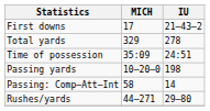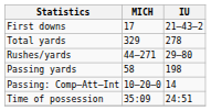 <table class="wikitable" style="float: left;">
 <tr>
 <th>Statistics</th>
 <th>MICH</th>
 <th>IU</th>
 </tr>
 <tr>
 <td>First downs</td>
 <td>17</td>
 <td>21–43–2</td>
 </tr>
 <tr>
 <td>Total yards</td>
 <td>329</td>
 <td>278</td>
 </tr>
 <tr>
+<td>Rushes/yards</td>
+<td>44–271</td>
+<td>29–80</td>
+</tr>
+<tr>
+<td>Passing yards</td>
+<td>58</td>
+<td>198</td>
+</tr>
+<tr>
+<td>Passing: Comp–Att–Int</td>
+<td>10–20–0</td>
+<td>14</td>
+</tr>
+<tr>
 <td>Time of possession</td>
 <td>35:09</td>
 <td>24:51</td>
 </tr>
 <tr>
-<td>Passing yards</td>
-<td>10–20–0</td>
-<td>198</td>
-</tr>
-<tr>
-<td>Passing: Comp–Att–Int</td>
-<td>58</td>
-<td>14</td>
-</tr>
-<tr>
-<td>Rushes/yards</td>
-<td>44–271</td>
-<td>29–80</td>
-</tr>
-<tr>
 </tr>
 </table>
